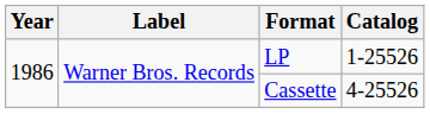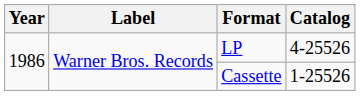 <table class="wikitable">
 <tr>
 <th>Year</th>
 <th>Label</th>
 <th>Format</th>
 <th>Catalog</th>
 </tr>
 <tr>
 <td rowspan="2">1986</td>
 <td rowspan="2"><a href='#'>Warner Bros. Records</a></td>
 <td><a href='#'>LP</a></td>
-<td>1-25526</td>
+<td>4-25526</td>
 </tr>
 <tr>
 <td><a href='#'>Cassette</a></td>
-<td>4-25526</td>
+<td>1-25526</td>
 </tr>
 </table>
